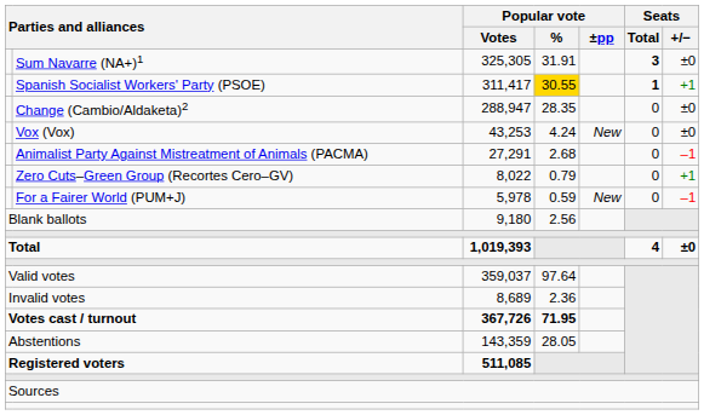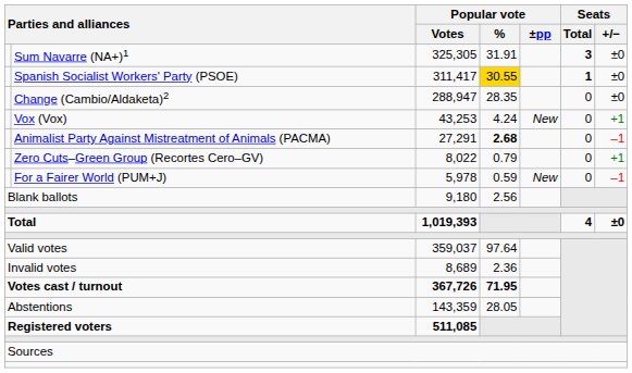 <table class="wikitable" style="text-align:right;">
 <tr>
 <th style="text-align:left;" rowspan="2" colspan="2" width="525">Parties and alliances</th>
 <th colspan="3">Popular vote</th>
 <th colspan="2">Seats</th>
 </tr>
 <tr>
 <th width="75">Votes</th>
 <th width="45">%</th>
 <th width="45">±<a href='#'>pp</a></th>
 <th width="35">Total</th>
 <th width="35">+/−</th>
 </tr>
 <tr>
 <td width="1" style="color:inherit;background:"></td>
 <td align="left"><a href='#'>Sum Navarre</a> (NA+)<sup>1</sup></td>
 <td>325,305</td>
 <td>31.91</td>
 <td></td>
 <td><strong>3</strong></td>
 <td>±0</td>
 </tr>
 <tr>
 <td style="color:inherit;background:"></td>
 <td align="left"><a href='#'>Spanish Socialist Workers' Party</a> (PSOE)</td>
 <td>311,417</td>
 <td style="background: gold;">30.55</td>
 <td></td>
 <td><strong>1</strong></td>
-<td style="color:green;">+1</td>
+<td>±0</td>
 </tr>
 <tr>
 <td style="color:inherit;background:"></td>
 <td align="left"><a href='#'>Change</a> (Cambio/Aldaketa)<sup>2</sup></td>
 <td>288,947</td>
 <td>28.35</td>
 <td></td>
 <td>0</td>
 <td>±0</td>
 </tr>
 <tr>
 <td style="color:inherit;background:"></td>
 <td align="left"><a href='#'>Vox</a> (Vox)</td>
 <td>43,253</td>
 <td>4.24</td>
 <td><em>New</em></td>
 <td>0</td>
-<td>±0</td>
+<td style="color:green;">+1</td>
 </tr>
 <tr>
 <td style="color:inherit;background:"></td>
 <td align="left"><a href='#'>Animalist Party Against Mistreatment of Animals</a> (PACMA)</td>
 <td>27,291</td>
-<td>2.68</td>
+<td><strong>2.68</strong></td>
 <td></td>
 <td>0</td>
 <td style="color:red;">–1</td>
 </tr>
 <tr>
 <td style="color:inherit;background:"></td>
 <td align="left"><a href='#'>Zero Cuts</a>–<a href='#'>Green Group</a> (Recortes Cero–GV)</td>
 <td>8,022</td>
 <td>0.79</td>
 <td></td>
 <td>0</td>
 <td style="color:green;">+1</td>
 </tr>
 <tr>
 <td style="color:inherit;background:"></td>
 <td align="left"><a href='#'>For a Fairer World</a> (PUM+J)</td>
 <td>5,978</td>
 <td>0.59</td>
 <td><em>New</em></td>
 <td>0</td>
 <td style="color:red;">–1</td>
 </tr>
 <tr>
 <td align="left" colspan="2">Blank ballots</td>
 <td>9,180</td>
 <td>2.56</td>
 <td></td>
 <td bgcolor="#E9E9E9" colspan="2"></td>
 </tr>
 <tr>
 <td colspan="7" bgcolor="#E9E9E9"></td>
 </tr>
 <tr style="font-weight:bold;">
 <td align="left" colspan="2">Total</td>
 <td>1,019,393</td>
 <td bgcolor="#E9E9E9" colspan="2"></td>
 <td>4</td>
 <td>±0</td>
 </tr>
 <tr>
 <td colspan="7" bgcolor="#E9E9E9"></td>
 </tr>
 <tr>
 <td align="left" colspan="2">Valid votes</td>
 <td>359,037</td>
 <td>97.64</td>
 <td></td>
 <td bgcolor="#E9E9E9" colspan="2" rowspan="5"></td>
 </tr>
 <tr>
 <td align="left" colspan="2">Invalid votes</td>
 <td>8,689</td>
 <td>2.36</td>
 <td></td>
 </tr>
 <tr style="font-weight:bold;">
 <td align="left" colspan="2">Votes cast / turnout</td>
 <td>367,726</td>
 <td>71.95</td>
 <td></td>
 </tr>
 <tr>
 <td align="left" colspan="2">Abstentions</td>
 <td>143,359</td>
 <td>28.05</td>
 <td></td>
 </tr>
 <tr style="font-weight:bold;">
 <td align="left" colspan="2">Registered voters</td>
 <td>511,085</td>
 <td bgcolor="#E9E9E9" colspan="2"></td>
 </tr>
 <tr>
 <td colspan="7" bgcolor="#E9E9E9"></td>
 </tr>
 <tr>
 <td align="left" colspan="7">Sources</td>
 </tr>
 <tr>
 <td colspan="7" style="text-align:left; max-width:790px;"></td>
 </tr>
 </table>
